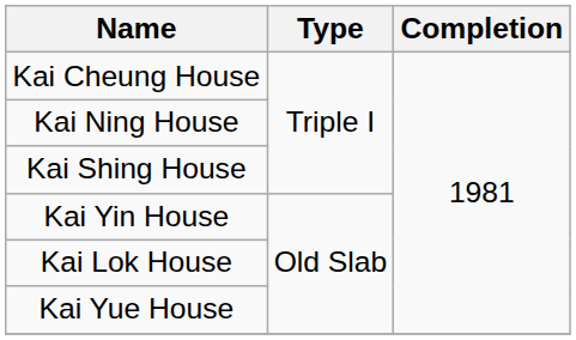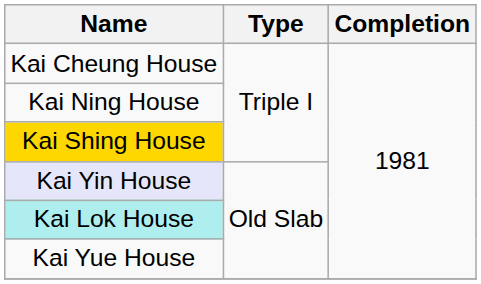 <table class="wikitable" style="text-align: center">
 <tr>
 <th>Name</th>
 <th>Type</th>
 <th>Completion</th>
 </tr>
 <tr>
 <td>Kai Cheung House</td>
 <td rowspan="3">Triple I</td>
 <td rowspan="6">1981</td>
 </tr>
 <tr>
 <td>Kai Ning House</td>
 </tr>
 <tr>
-<td>Kai Shing House</td>
+<td style="background: gold;">Kai Shing House</td>
 </tr>
 <tr>
-<td>Kai Yin House</td>
+<td style="background: lavender;">Kai Yin House</td>
 <td rowspan="3">Old Slab</td>
 </tr>
 <tr>
-<td>Kai Lok House</td>
+<td style="background: paleturquoise;">Kai Lok House</td>
 </tr>
 <tr>
 <td>Kai Yue House</td>
 </tr>
 <tr>
 </tr>
 </table>
